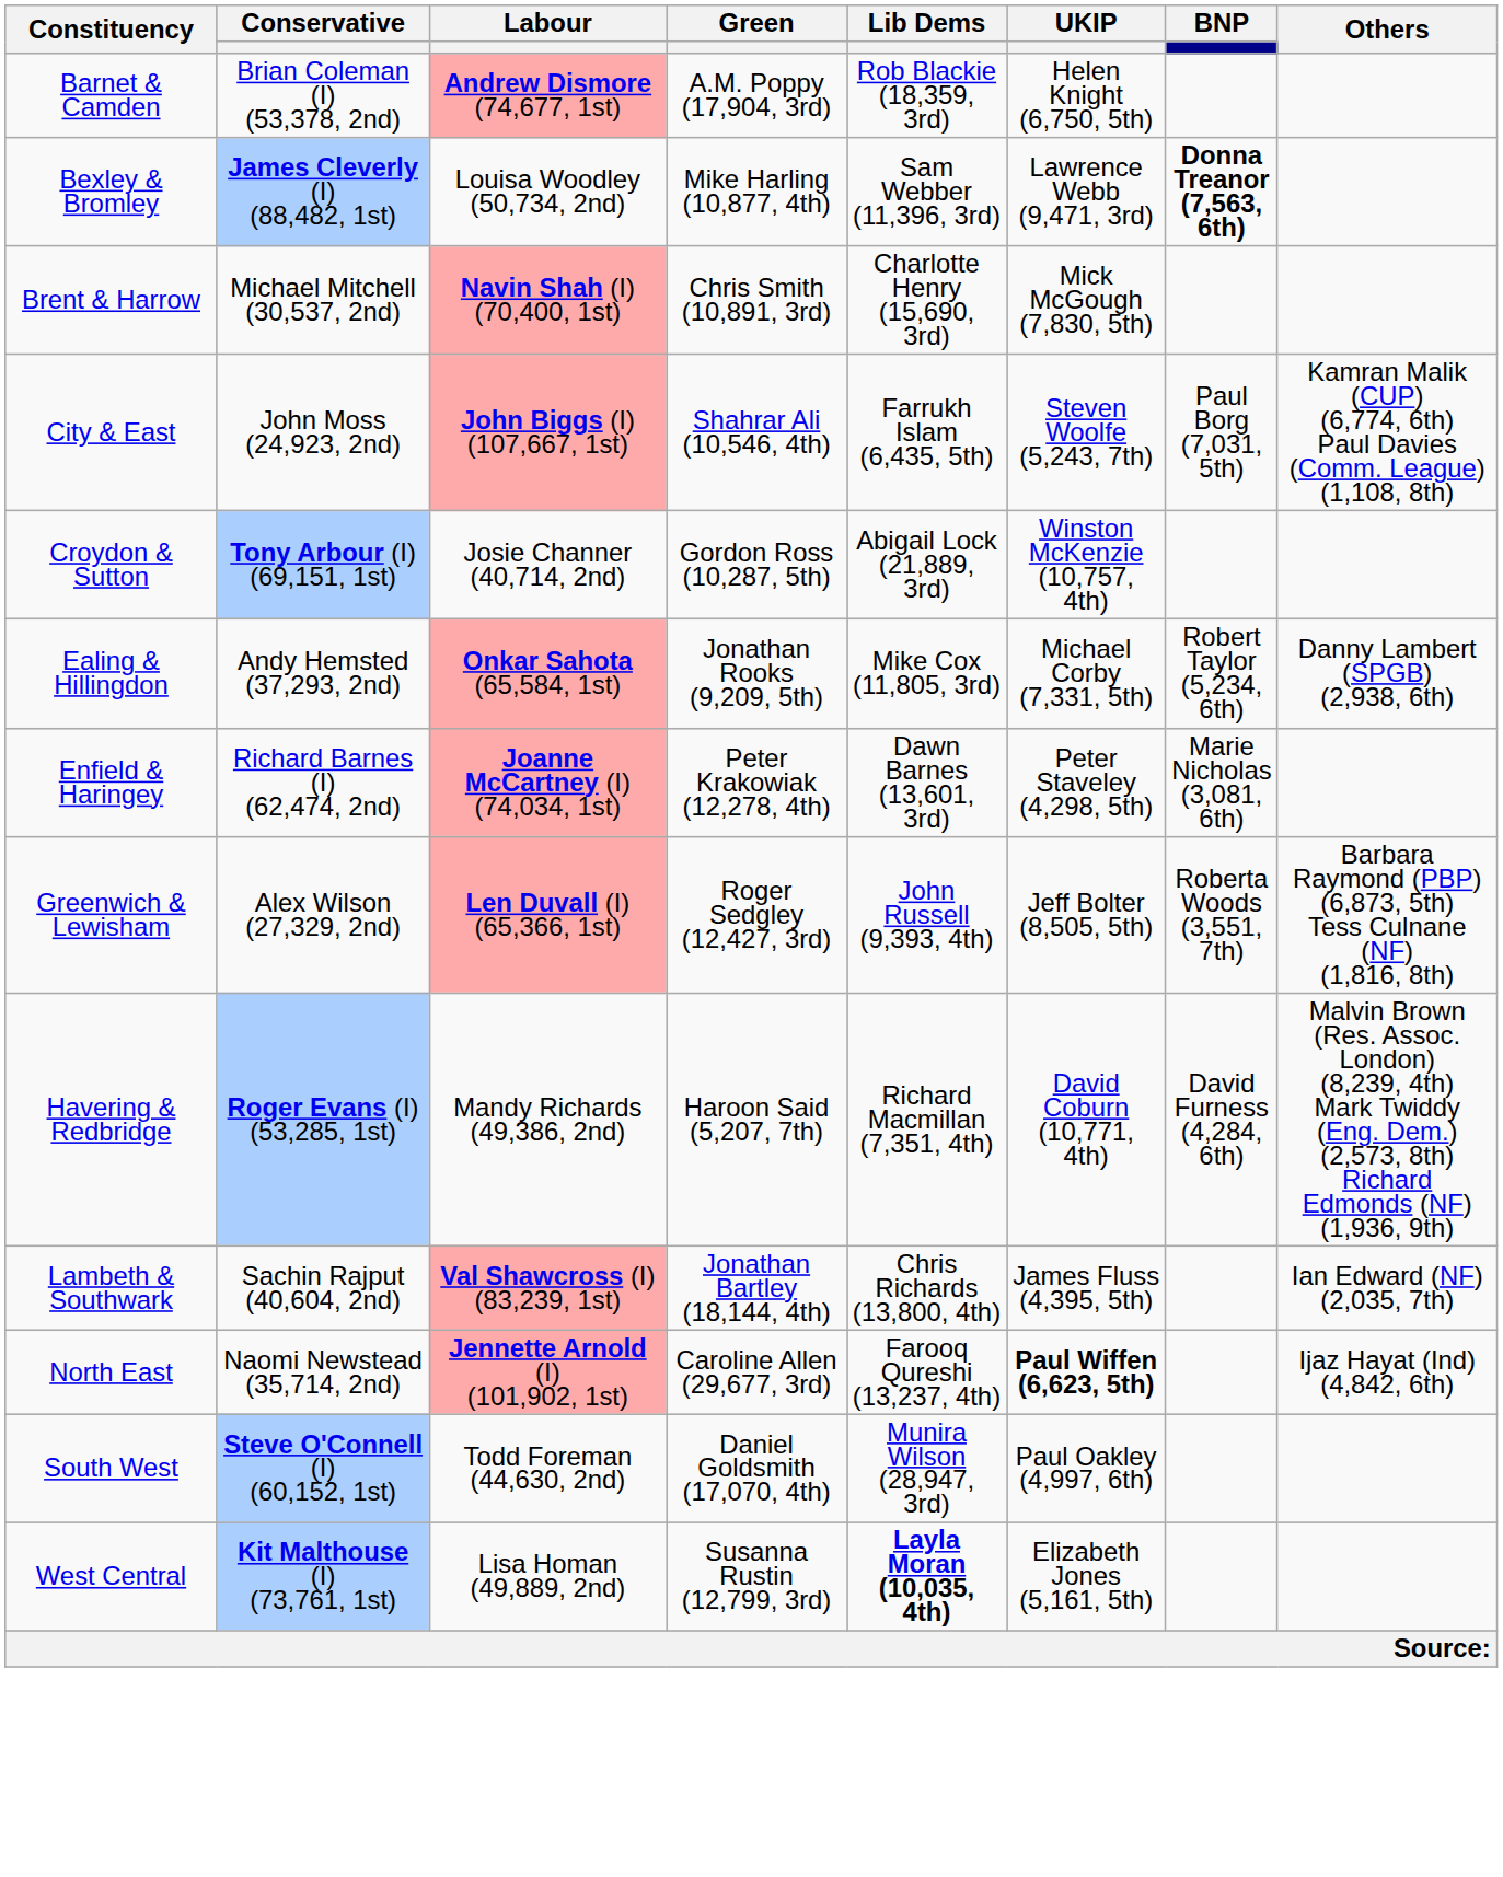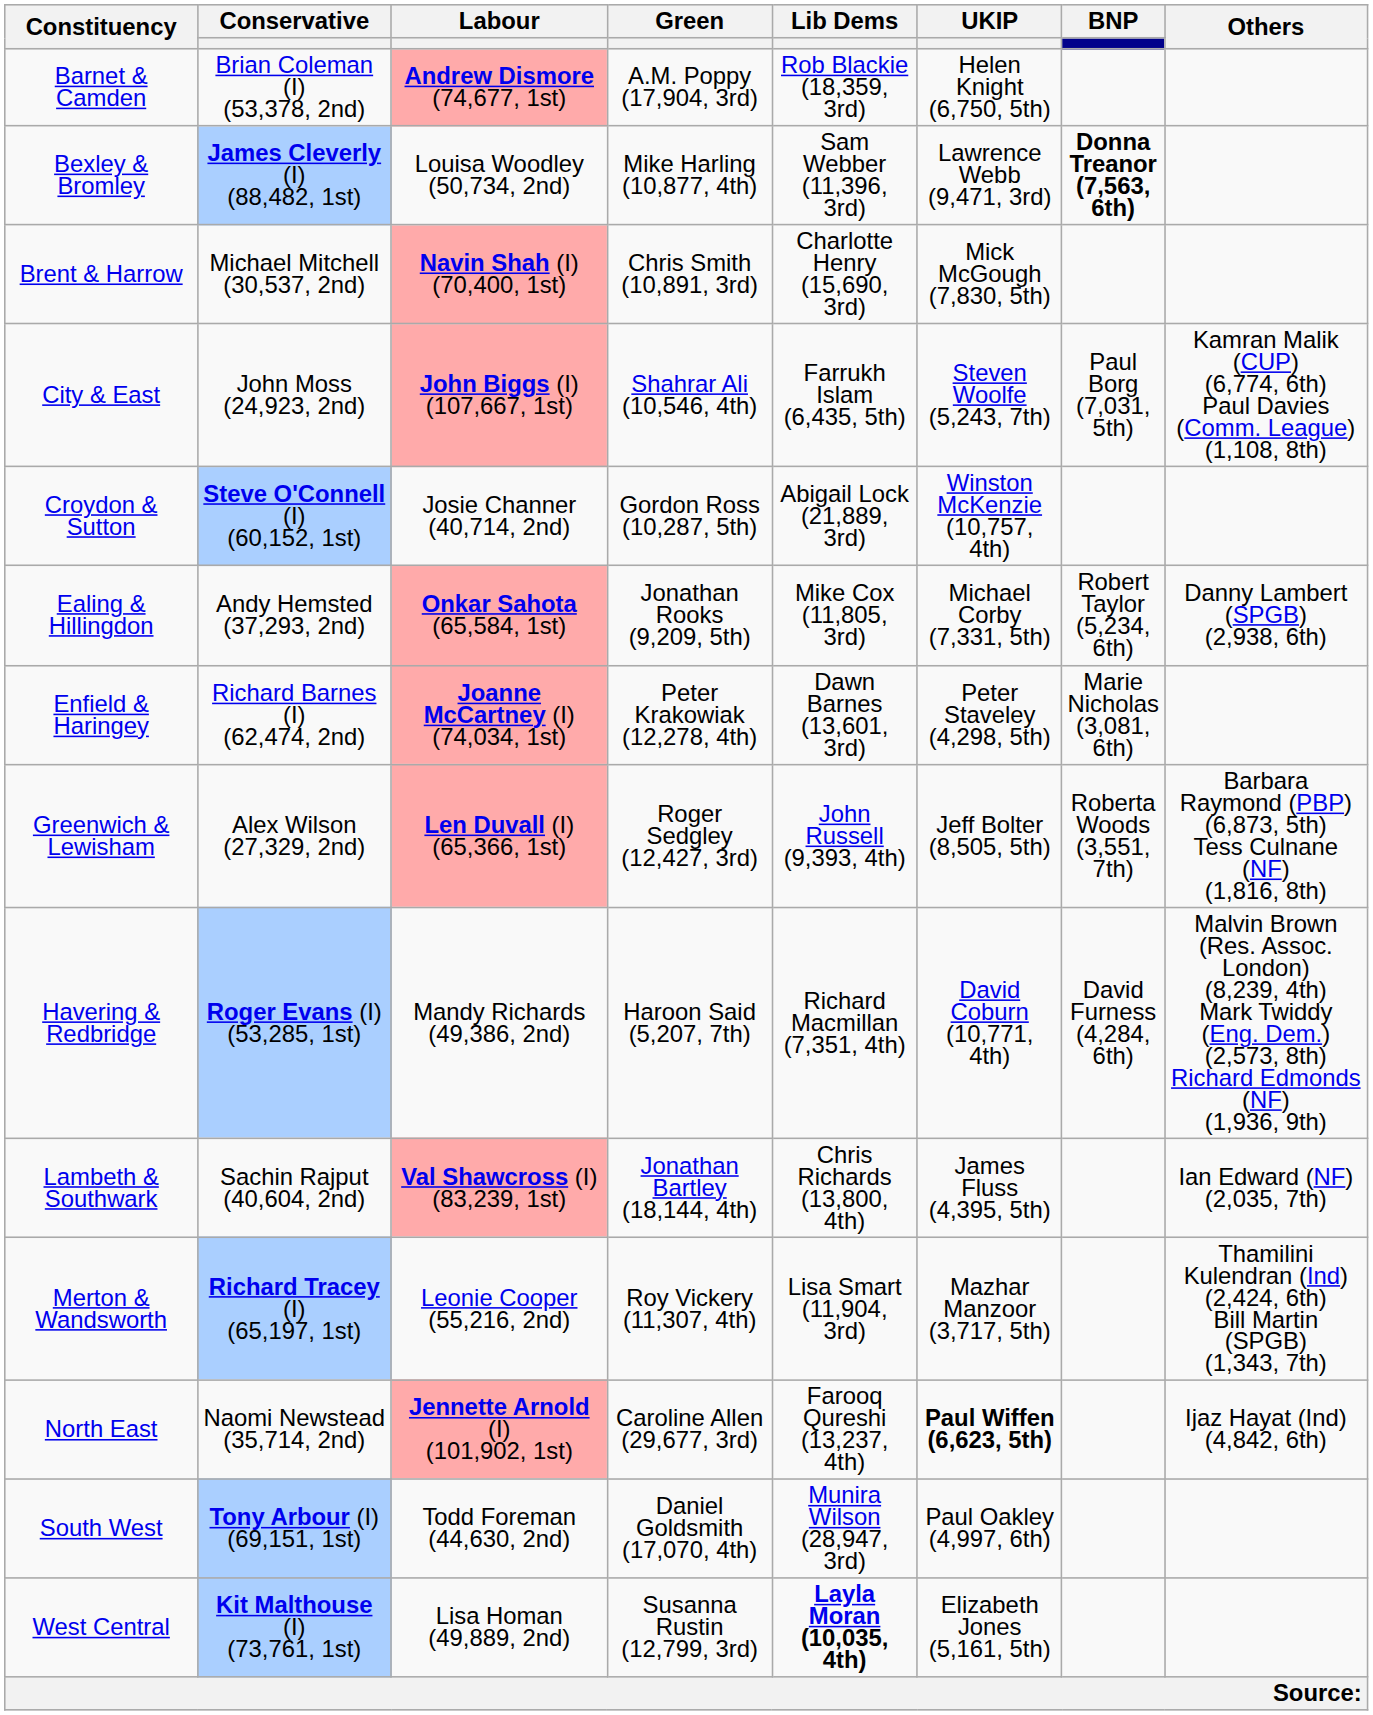 <table class="wikitable" style="text-align: center; line-height: 14px; font-size: 95%;">
 <tr>
 <th rowspan="2">Constituency</th>
 <th>Conservative</th>
 <th>Labour</th>
 <th>Green</th>
 <th>Lib Dems</th>
 <th>UKIP</th>
 <th>BNP</th>
 <th rowspan="2">Others</th>
 </tr>
 <tr>
 <th style="background:"></th>
 <th style="background:"></th>
 <th style="background:"></th>
 <th style="background:"></th>
 <th style="background:"></th>
 <th style="background:darkBlue; color:white; width:40px;"></th>
 </tr>
 <tr>
 <td><a href='#'>Barnet & Camden</a></td>
 <td><a href='#'>Brian Coleman</a> (I)<br>(53,378, 2nd)</td>
 <td style="background:#ffaaaa"><strong><a href='#'>Andrew Dismore</a></strong><br>(74,677, 1st)</td>
 <td>A.M. Poppy<br>(17,904, 3rd)</td>
 <td><a href='#'>Rob Blackie</a><br>(18,359, 3rd)</td>
 <td>Helen Knight<br>(6,750, 5th)</td>
 <td></td>
 <td></td>
 </tr>
 <tr>
 <td><a href='#'>Bexley & Bromley</a></td>
 <td style="background:#aacfff"><strong><a href='#'>James Cleverly</a></strong> (I)<br>(88,482, 1st)</td>
 <td>Louisa Woodley<br>(50,734, 2nd)</td>
 <td>Mike Harling<br>(10,877, 4th)</td>
 <td>Sam Webber<br>(11,396, 3rd)</td>
 <td>Lawrence Webb<br>(9,471, 3rd)</td>
 <td><strong>Donna Treanor<br>(7,563, 6th)</strong></td>
 <td></td>
 </tr>
 <tr>
 <td><a href='#'>Brent & Harrow</a></td>
 <td>Michael Mitchell<br>(30,537, 2nd)</td>
 <td style="background:#ffaaaa"><strong><a href='#'>Navin Shah</a></strong> (I)<br>(70,400, 1st)</td>
 <td>Chris Smith<br>(10,891, 3rd)</td>
 <td>Charlotte Henry<br>(15,690, 3rd)</td>
 <td>Mick McGough<br>(7,830, 5th)</td>
 <td></td>
 <td></td>
 </tr>
 <tr>
 <td><a href='#'>City & East</a></td>
 <td>John Moss<br>(24,923, 2nd)</td>
 <td style="background:#ffaaaa"><strong><a href='#'>John Biggs</a></strong> (I)<br>(107,667, 1st)</td>
 <td><a href='#'>Shahrar Ali</a><br>(10,546, 4th)</td>
 <td>Farrukh Islam<br>(6,435, 5th)</td>
 <td><a href='#'>Steven Woolfe</a><br>(5,243, 7th)</td>
 <td>Paul Borg<br>(7,031, 5th)</td>
 <td>Kamran Malik (<a href='#'>CUP</a>)<br>(6,774, 6th)<br>Paul Davies (<a href='#'>Comm. League</a>)<br>(1,108, 8th)</td>
 </tr>
 <tr>
 <td><a href='#'>Croydon & Sutton</a></td>
-<td style="background:#aacfff"><strong><a href='#'>Tony Arbour</a></strong> (I)<br>(69,151, 1st)</td>
+<td style="background:#aacfff"><strong><a href='#'>Steve O'Connell</a></strong> (I)<br>(60,152, 1st)</td>
 <td>Josie Channer<br>(40,714, 2nd)</td>
 <td>Gordon Ross<br>(10,287, 5th)</td>
 <td>Abigail Lock<br>(21,889, 3rd)</td>
 <td><a href='#'>Winston McKenzie</a><br>(10,757, 4th)</td>
 <td></td>
 <td></td>
 </tr>
 <tr>
 <td><a href='#'>Ealing & Hillingdon</a></td>
 <td>Andy Hemsted<br>(37,293, 2nd)</td>
 <td style="background:#ffaaaa"><strong><a href='#'>Onkar Sahota</a></strong><br>(65,584, 1st)</td>
 <td>Jonathan Rooks<br>(9,209, 5th)</td>
 <td>Mike Cox<br>(11,805, 3rd)</td>
 <td>Michael Corby<br>(7,331, 5th)</td>
 <td>Robert Taylor<br>(5,234, 6th)</td>
 <td>Danny Lambert (<a href='#'>SPGB</a>)<br>(2,938, 6th)</td>
 </tr>
 <tr>
 <td><a href='#'>Enfield & Haringey</a></td>
 <td><a href='#'>Richard Barnes</a> (I)<br>(62,474, 2nd)</td>
 <td style="background:#ffaaaa"><strong><a href='#'>Joanne McCartney</a></strong> (I)<br>(74,034, 1st)</td>
 <td>Peter Krakowiak<br>(12,278, 4th)</td>
 <td>Dawn Barnes<br>(13,601, 3rd)</td>
 <td>Peter Staveley<br>(4,298, 5th)</td>
 <td>Marie Nicholas<br>(3,081, 6th)</td>
 <td></td>
 </tr>
 <tr>
 <td><a href='#'>Greenwich & Lewisham</a></td>
 <td>Alex Wilson<br>(27,329, 2nd)</td>
 <td style="background:#ffaaaa"><strong><a href='#'>Len Duvall</a></strong> (I)<br>(65,366, 1st)</td>
 <td>Roger Sedgley<br>(12,427, 3rd)</td>
 <td><a href='#'>John Russell</a><br>(9,393, 4th)</td>
 <td>Jeff Bolter<br>(8,505, 5th)</td>
 <td>Roberta Woods<br>(3,551, 7th)</td>
 <td>Barbara Raymond (<a href='#'>PBP</a>)<br>(6,873, 5th)<br>Tess Culnane (<a href='#'>NF</a>)<br>(1,816, 8th)</td>
 </tr>
 <tr>
 <td><a href='#'>Havering & Redbridge</a></td>
 <td style="background:#aacfff"><strong><a href='#'>Roger Evans</a></strong> (I)<br>(53,285, 1st)</td>
 <td>Mandy Richards<br>(49,386, 2nd)</td>
 <td>Haroon Said<br>(5,207, 7th)</td>
 <td>Richard Macmillan<br>(7,351, 4th)</td>
 <td><a href='#'>David Coburn</a><br>(10,771, 4th)</td>
 <td>David Furness<br>(4,284, 6th)</td>
 <td>Malvin Brown (Res. Assoc. London)<br>(8,239, 4th)<br>Mark Twiddy (<a href='#'>Eng. Dem.</a>)<br>(2,573, 8th)<br><a href='#'>Richard Edmonds</a> (<a href='#'>NF</a>)<br>(1,936, 9th)</td>
 </tr>
 <tr>
 <td><a href='#'>Lambeth & Southwark</a></td>
 <td>Sachin Rajput<br>(40,604, 2nd)</td>
 <td style="background:#ffaaaa"><strong><a href='#'>Val Shawcross</a></strong> (I)<br>(83,239, 1st)</td>
 <td><a href='#'>Jonathan Bartley</a><br>(18,144, 4th)</td>
 <td>Chris Richards<br>(13,800, 4th)</td>
 <td>James Fluss<br>(4,395, 5th)</td>
 <td></td>
 <td>Ian Edward (<a href='#'>NF</a>)<br>(2,035, 7th)</td>
 </tr>
 <tr>
+<td><a href='#'>Merton & Wandsworth</a></td>
+<td style="background:#aacfff"><strong><a href='#'>Richard Tracey</a></strong> (I)<br>(65,197, 1st)</td>
+<td><a href='#'>Leonie Cooper</a><br>(55,216, 2nd)</td>
+<td>Roy Vickery<br>(11,307, 4th)</td>
+<td>Lisa Smart<br>(11,904, 3rd)</td>
+<td>Mazhar Manzoor<br>(3,717, 5th)</td>
+<td></td>
+<td>Thamilini Kulendran (<a href='#'>Ind</a>)<br>(2,424, 6th)<br>Bill Martin (SPGB)<br>(1,343, 7th)</td>
+</tr>
+<tr>
 <td><a href='#'>North East</a></td>
 <td>Naomi Newstead<br>(35,714, 2nd)</td>
 <td style="background:#ffaaaa"><strong><a href='#'>Jennette Arnold</a></strong> (I)<br>(101,902, 1st)</td>
 <td>Caroline Allen<br>(29,677, 3rd)</td>
 <td>Farooq Qureshi<br>(13,237, 4th)</td>
 <td><strong>Paul Wiffen<br>(6,623, 5th)</strong></td>
 <td></td>
 <td>Ijaz Hayat (Ind)<br>(4,842, 6th)</td>
 </tr>
 <tr>
 <td><a href='#'>South West</a></td>
-<td style="background:#aacfff"><strong><a href='#'>Steve O'Connell</a></strong> (I)<br>(60,152, 1st)</td>
+<td style="background:#aacfff"><strong><a href='#'>Tony Arbour</a></strong> (I)<br>(69,151, 1st)</td>
 <td>Todd Foreman<br>(44,630, 2nd)</td>
 <td>Daniel Goldsmith<br>(17,070, 4th)</td>
 <td><a href='#'>Munira Wilson</a><br>(28,947, 3rd)</td>
 <td>Paul Oakley<br>(4,997, 6th)</td>
 <td></td>
 <td></td>
 </tr>
 <tr>
 <td><a href='#'>West Central</a></td>
 <td style="background:#aacfff"><strong><a href='#'>Kit Malthouse</a></strong> (I)<br>(73,761, 1st)</td>
 <td>Lisa Homan<br>(49,889, 2nd)</td>
 <td>Susanna Rustin<br>(12,799, 3rd)</td>
 <td><strong><a href='#'>Layla Moran</a><br>(10,035, 4th)</strong></td>
 <td>Elizabeth Jones<br>(5,161, 5th)</td>
 <td></td>
 <td></td>
 </tr>
 <tr>
 <th colspan="8" style="text-align: right;">Source: </th>
 </tr>
 </table>
